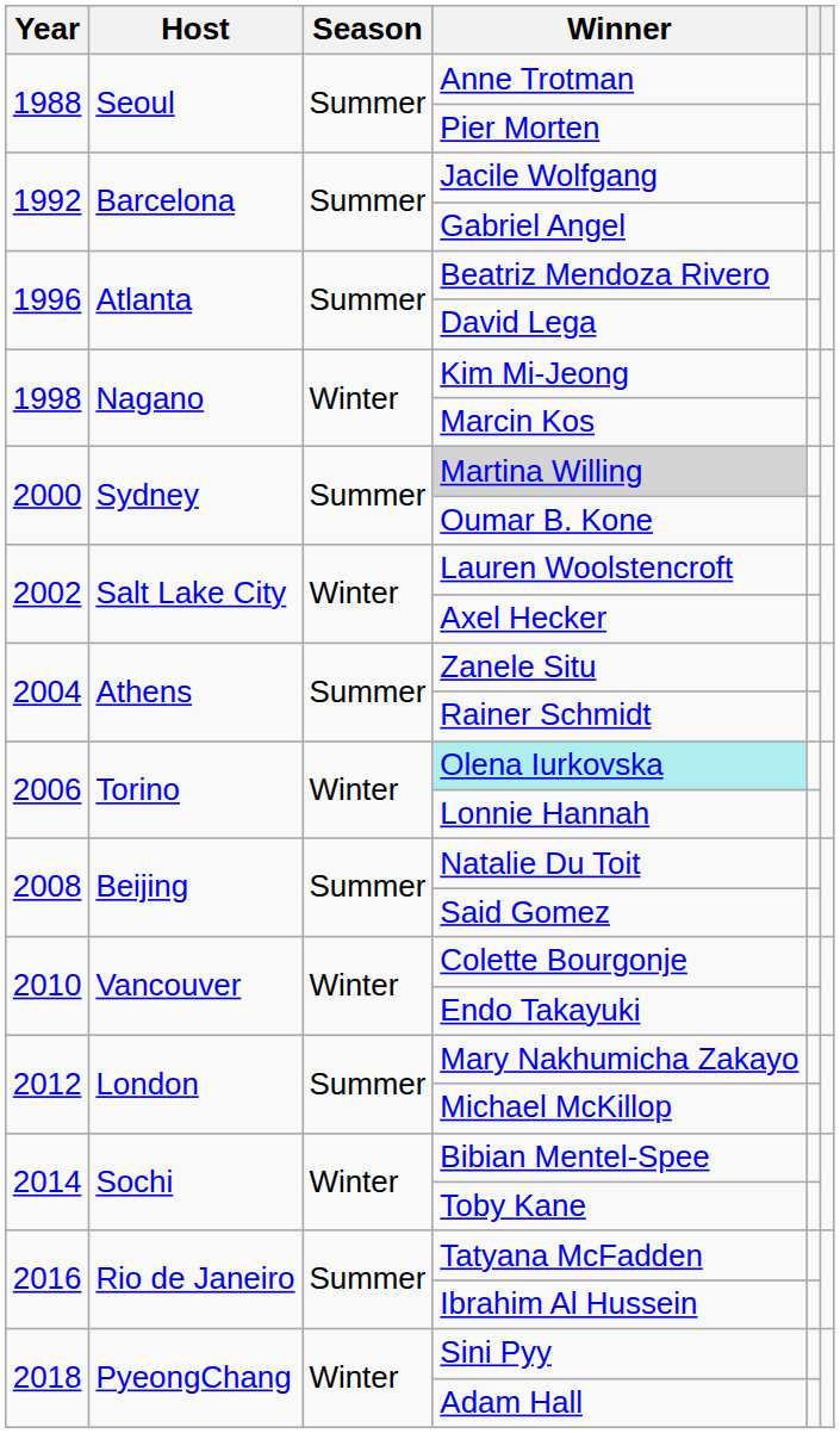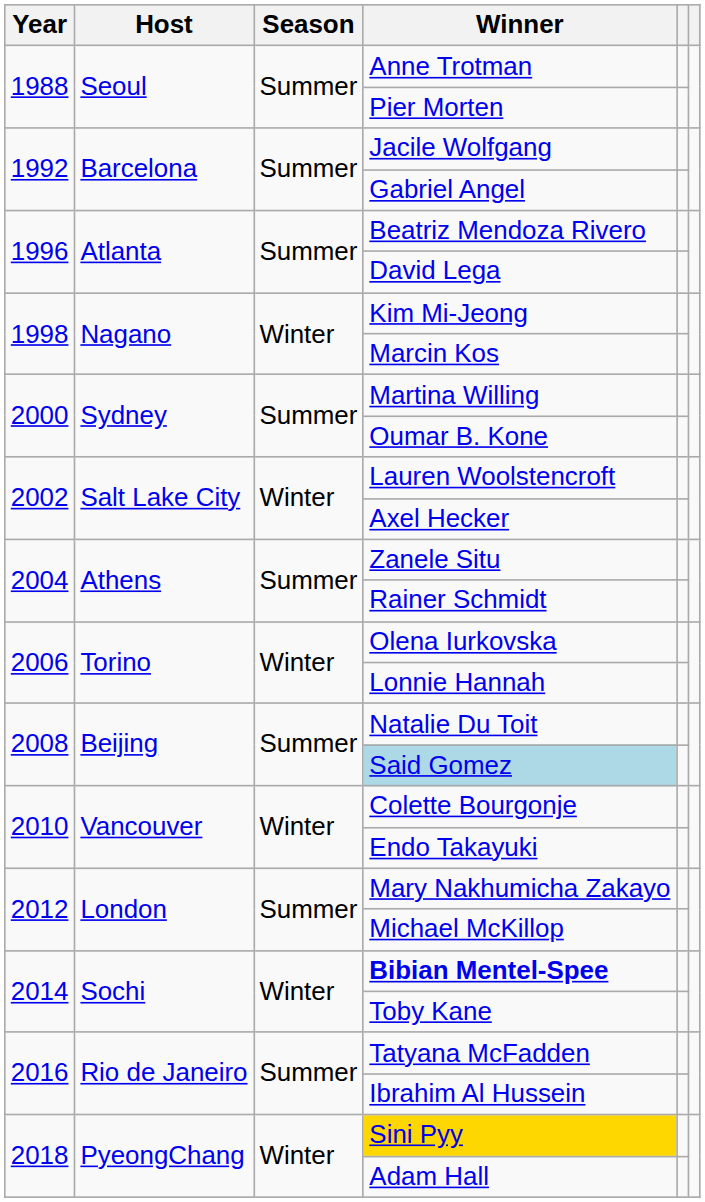 <table class="wikitable sortable">
 <tr>
 <th>Year</th>
 <th>Host</th>
 <th>Season</th>
 <th>Winner</th>
 <th></th>
 <th class="unsortable"></th>
 </tr>
 <tr>
 <td rowspan=2><a href='#'>1988</a></td>
 <td rowspan=2><a href='#'>Seoul</a></td>
 <td rowspan=2>Summer</td>
 <td><a href='#'>Anne Trotman</a></td>
 <td></td>
 <td rowspan=2></td>
 </tr>
 <tr>
 <td><a href='#'>Pier Morten</a></td>
 <td></td>
 </tr>
 <tr>
 <td rowspan=2><a href='#'>1992</a></td>
 <td rowspan=2><a href='#'>Barcelona</a></td>
 <td rowspan=2>Summer</td>
 <td><a href='#'>Jacile Wolfgang</a></td>
 <td></td>
 <td rowspan=2></td>
 </tr>
 <tr>
 <td><a href='#'>Gabriel Angel</a></td>
 <td></td>
 </tr>
 <tr>
 <td rowspan=2><a href='#'>1996</a></td>
 <td rowspan=2><a href='#'>Atlanta</a></td>
 <td rowspan=2>Summer</td>
 <td><a href='#'>Beatriz Mendoza Rivero</a></td>
 <td></td>
 <td rowspan=2></td>
 </tr>
 <tr>
 <td><a href='#'>David Lega</a></td>
 <td></td>
 </tr>
 <tr>
 <td rowspan=2><a href='#'>1998</a></td>
 <td rowspan=2><a href='#'>Nagano</a></td>
 <td rowspan=2>Winter</td>
 <td><a href='#'>Kim Mi-Jeong</a></td>
 <td></td>
 <td rowspan=2></td>
 </tr>
 <tr>
 <td><a href='#'>Marcin Kos</a></td>
 <td></td>
 </tr>
 <tr>
 <td rowspan=2><a href='#'>2000</a></td>
 <td rowspan=2><a href='#'>Sydney</a></td>
 <td rowspan=2>Summer</td>
-<td style="background: lightgrey;"><a href='#'>Martina Willing</a></td>
+<td><a href='#'>Martina Willing</a></td>
 <td></td>
 <td rowspan=2></td>
 </tr>
 <tr>
 <td><a href='#'>Oumar B. Kone</a></td>
 <td></td>
 </tr>
 <tr>
 <td rowspan=2><a href='#'>2002</a></td>
 <td rowspan=2><a href='#'>Salt Lake City</a></td>
 <td rowspan=2>Winter</td>
 <td><a href='#'>Lauren Woolstencroft</a></td>
 <td></td>
 <td rowspan=2></td>
 </tr>
 <tr>
 <td><a href='#'>Axel Hecker</a></td>
 <td></td>
 </tr>
 <tr>
 <td rowspan=2><a href='#'>2004</a></td>
 <td rowspan=2><a href='#'>Athens</a></td>
 <td rowspan=2>Summer</td>
 <td><a href='#'>Zanele Situ</a></td>
 <td></td>
 <td rowspan=2></td>
 </tr>
 <tr>
 <td><a href='#'>Rainer Schmidt</a></td>
 <td></td>
 </tr>
 <tr>
 <td rowspan=2><a href='#'>2006</a></td>
 <td rowspan=2><a href='#'>Torino</a></td>
 <td rowspan=2>Winter</td>
-<td style="background: paleturquoise;"><a href='#'>Olena Iurkovska</a></td>
+<td><a href='#'>Olena Iurkovska</a></td>
 <td></td>
 <td rowspan=2></td>
 </tr>
 <tr>
 <td><a href='#'>Lonnie Hannah</a></td>
 <td></td>
 </tr>
 <tr>
 <td rowspan=2><a href='#'>2008</a></td>
 <td rowspan=2><a href='#'>Beijing</a></td>
 <td rowspan=2>Summer</td>
 <td><a href='#'>Natalie Du Toit</a></td>
 <td></td>
 <td rowspan=2></td>
 </tr>
 <tr>
-<td><a href='#'>Said Gomez</a></td>
+<td style="background: lightblue;"><a href='#'>Said Gomez</a></td>
 <td></td>
 </tr>
 <tr>
 <td rowspan=2><a href='#'>2010</a></td>
 <td rowspan=2><a href='#'>Vancouver</a></td>
 <td rowspan=2>Winter</td>
 <td><a href='#'>Colette Bourgonje</a></td>
 <td></td>
 <td rowspan=2></td>
 </tr>
 <tr>
 <td><a href='#'>Endo Takayuki</a></td>
 <td></td>
 </tr>
 <tr>
 <td rowspan=2><a href='#'>2012</a></td>
 <td rowspan=2><a href='#'>London</a></td>
 <td rowspan=2>Summer</td>
 <td><a href='#'>Mary Nakhumicha Zakayo</a></td>
 <td></td>
 <td rowspan=2></td>
 </tr>
 <tr>
 <td><a href='#'>Michael McKillop</a></td>
 <td></td>
 </tr>
 <tr>
 <td rowspan=2><a href='#'>2014</a></td>
 <td rowspan=2><a href='#'>Sochi</a></td>
 <td rowspan=2>Winter</td>
-<td><a href='#'>Bibian Mentel-Spee</a></td>
+<td><strong><a href='#'>Bibian Mentel-Spee</a></strong></td>
 <td></td>
 <td rowspan=2></td>
 </tr>
 <tr>
 <td><a href='#'>Toby Kane</a></td>
 <td></td>
 </tr>
 <tr>
 <td rowspan=2><a href='#'>2016</a></td>
 <td rowspan=2><a href='#'>Rio de Janeiro</a></td>
 <td rowspan=2>Summer</td>
 <td><a href='#'>Tatyana McFadden</a></td>
 <td></td>
 <td rowspan=2></td>
 </tr>
 <tr>
 <td><a href='#'>Ibrahim Al Hussein</a></td>
 <td></td>
 </tr>
 <tr>
 <td rowspan=2><a href='#'>2018</a></td>
 <td rowspan=2><a href='#'>PyeongChang</a></td>
 <td rowspan=2>Winter</td>
-<td><a href='#'>Sini Pyy</a></td>
+<td style="background: gold;"><a href='#'>Sini Pyy</a></td>
 <td></td>
 <td rowspan=2></td>
 </tr>
 <tr>
 <td><a href='#'>Adam Hall</a></td>
 <td></td>
 </tr>
 </table>
